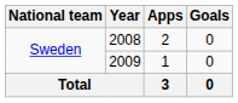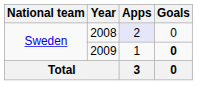 <table class="wikitable" style="text-align:center">
 <tr>
 <th>National team</th>
 <th>Year</th>
 <th>Apps</th>
 <th>Goals</th>
 </tr>
 <tr>
 <td rowspan="2"><a href='#'>Sweden</a></td>
 <td>2008</td>
-<td>2</td>
+<td style="background: lavender;">2</td>
 <td>0</td>
 </tr>
 <tr>
 <td>2009</td>
 <td>1</td>
-<td>0</td>
+<td><strong>0</strong></td>
 </tr>
 <tr>
 <th colspan="2">Total</th>
 <th>3</th>
 <th>0</th>
 </tr>
 </table>
